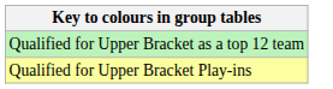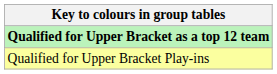 <table class="wikitable">
 <tr>
 <th>Key to colours in group tables</th>
 </tr>
 <tr bgcolor="#BBF3BB">
-<td>Qualified for Upper Bracket as a top 12 team</td>
+<td><strong>Qualified for Upper Bracket as a top 12 team</strong></td>
 </tr>
 <tr bgcolor="#FBFF9F">
 <td>Qualified for Upper Bracket Play-ins</td>
 </tr>
 </table>
